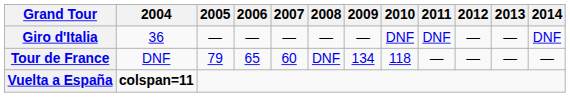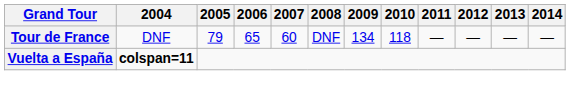 <table class="wikitable plainrowheaders">
 <tr>
 <th scope="col"><a href='#'>Grand Tour</a></th>
 <th scope="col">2004</th>
 <th scope="col">2005</th>
 <th scope="col">2006</th>
 <th scope="col">2007</th>
 <th scope="col">2008</th>
 <th scope="col">2009</th>
 <th scope="col">2010</th>
 <th scope="col">2011</th>
 <th scope="col">2012</th>
 <th scope="col">2013</th>
 <th scope="col">2014</th>
-</tr>
-<tr style="text-align:center;">
-<th scope="row"> <a href='#'>Giro d'Italia</a></th>
-<td><a href='#'>36</a></td>
-<td>—</td>
-<td>—</td>
-<td>—</td>
-<td>—</td>
-<td>—</td>
-<td><a href='#'>DNF</a></td>
-<td><a href='#'>DNF</a></td>
-<td>—</td>
-<td>—</td>
-<td><a href='#'>DNF</a></td>
 </tr>
 <tr style="text-align:center;">
 <th scope="row"> <a href='#'>Tour de France</a></th>
 <td><a href='#'>DNF</a></td>
 <td><a href='#'>79</a></td>
 <td><a href='#'>65</a></td>
 <td><a href='#'>60</a></td>
 <td><a href='#'>DNF</a></td>
 <td><a href='#'>134</a></td>
 <td><a href='#'>118</a></td>
 <td>—</td>
 <td>—</td>
 <td>—</td>
 <td>—</td>
 </tr>
 <tr style="text-align:center;">
 <th scope="row"> <a href='#'>Vuelta a España</a></th>
 <td><strong>colspan=11 </strong></td>
 </tr>
 </table>
